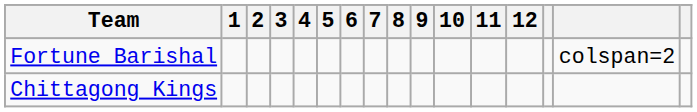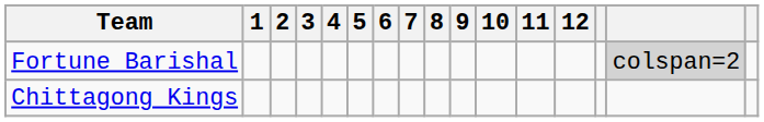 <table class="wikitable" style="font-size:85%; text-align:center;">
 <tr>
 <th>Team</th>
 <th>1</th>
 <th>2</th>
 <th>3</th>
 <th>4</th>
 <th>5</th>
 <th>6</th>
 <th>7</th>
 <th>8</th>
 <th>9</th>
 <th>10</th>
 <th>11</th>
 <th>12</th>
 <th></th>
 <th></th>
 <th></th>
 </tr>
 <tr>
 <td><a href='#'>Fortune Barishal</a></td>
 <td></td>
 <td></td>
 <td></td>
 <td></td>
 <td></td>
 <td></td>
 <td></td>
 <td></td>
 <td></td>
 <td></td>
 <td></td>
 <td></td>
 <td></td>
-<td>colspan=2 </td>
+<td style="background: lightgrey;">colspan=2 </td>
 </tr>
 <tr>
 <td><a href='#'>Chittagong Kings</a></td>
 <td></td>
 <td></td>
 <td></td>
 <td></td>
 <td></td>
 <td></td>
 <td></td>
 <td></td>
 <td></td>
 <td></td>
 <td></td>
 <td></td>
 <td></td>
 <td></td>
 <td></td>
 </tr>
 </table>
